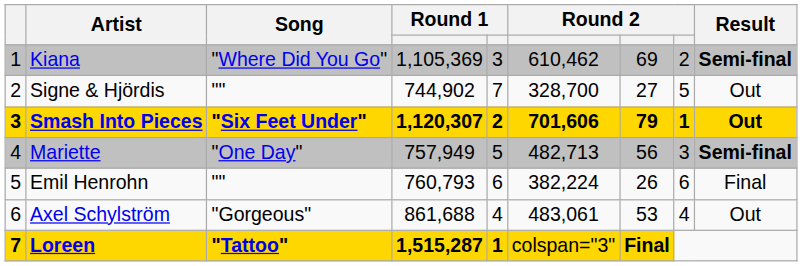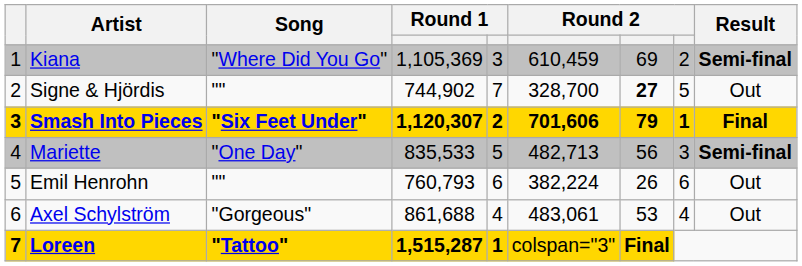 <table class="sortable wikitable" style="margin: 1em auto 1em auto; text-align:center;">
 <tr>
 <th rowspan="2"></th>
 <th rowspan="2">Artist</th>
 <th rowspan="2">Song</th>
 <th colspan="2">Round 1</th>
 <th colspan="3">Round 2</th>
 <th rowspan="2" class="unsortable">Result</th>
 </tr>
 <tr>
 <th></th>
 <th></th>
 <th></th>
 <th></th>
 <th></th>
 </tr>
 <tr style="background:silver;">
 <td>1</td>
 <td align="left"><a href='#'>Kiana</a></td>
 <td align="left">"<a href='#'>Where Did You Go</a>"</td>
 <td>1,105,369</td>
 <td>3</td>
-<td>610,462</td>
+<td>610,459</td>
 <td>69</td>
 <td>2</td>
 <td><strong>Semi-final</strong></td>
 </tr>
 <tr>
 <td>2</td>
 <td align="left">Signe & Hjördis</td>
 <td align="left">""</td>
 <td>744,902</td>
 <td>7</td>
 <td>328,700</td>
-<td>27</td>
+<td><strong>27</strong></td>
 <td>5</td>
 <td>Out</td>
 </tr>
 <tr style="background:gold;font-weight:bold;">
 <td>3</td>
 <td align="left"><a href='#'>Smash Into Pieces</a></td>
 <td align="left">"<a href='#'>Six Feet Under</a>"</td>
 <td>1,120,307</td>
 <td>2</td>
 <td>701,606</td>
 <td>79</td>
 <td>1</td>
-<td>Out</td>
+<td>Final</td>
 </tr>
 <tr style="background:silver;">
 <td>4</td>
 <td align="left"><a href='#'>Mariette</a></td>
 <td align="left">"<a href='#'>One Day</a>"</td>
-<td>757,949</td>
+<td>835,533</td>
 <td>5</td>
 <td>482,713</td>
 <td>56</td>
 <td>3</td>
 <td><strong>Semi-final</strong></td>
 </tr>
 <tr>
 <td>5</td>
 <td align="left">Emil Henrohn</td>
 <td align="left">""</td>
 <td>760,793</td>
 <td>6</td>
 <td>382,224</td>
 <td>26</td>
 <td>6</td>
-<td>Final</td>
+<td>Out</td>
 </tr>
 <tr>
 <td>6</td>
 <td align="left"><a href='#'>Axel Schylström</a></td>
 <td align="left">"Gorgeous"</td>
 <td>861,688</td>
 <td>4</td>
 <td>483,061</td>
 <td>53</td>
 <td>4</td>
 <td>Out</td>
 </tr>
 <tr style="background:gold;">
 <td><strong>7</strong></td>
 <td align="left"><strong><a href='#'>Loreen</a></strong></td>
 <td align="left"><strong>"<a href='#'>Tattoo</a>"</strong></td>
 <td><strong>1,515,287</strong></td>
 <td><strong>1</strong></td>
 <td>colspan="3" </td>
 <td><strong>Final</strong></td>
 </tr>
 </table>
